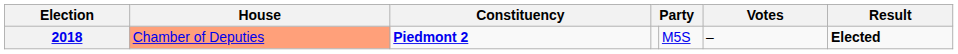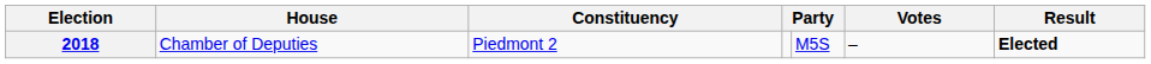 <table class=wikitable style="width:55%; border:1px #AAAAFF solid">
 <tr>
 <th width=12%>Election</th>
 <th width=25%>House</th>
 <th width=25%>Constituency</th>
 <th width=5% colspan="2">Party</th>
 <th width=12%>Votes</th>
 <th width=12%>Result</th>
 </tr>
 <tr>
 <th><a href='#'>2018</a></th>
-<td style="background: lightsalmon;"><a href='#'>Chamber of Deputies</a></td>
-<td><strong><a href='#'>Piedmont 2</a></strong></td>
+<td><a href='#'>Chamber of Deputies</a></td>
+<td><a href='#'>Piedmont 2</a></td>
 <td></td>
 <td><a href='#'>M5S</a></td>
 <td>–</td>
 <td> <strong>Elected</strong></td>
 </tr>
 </table>
